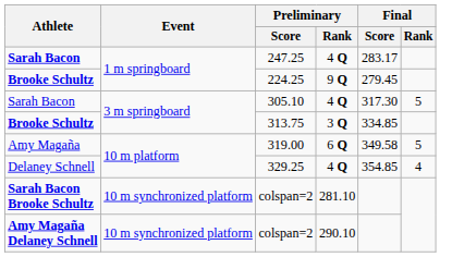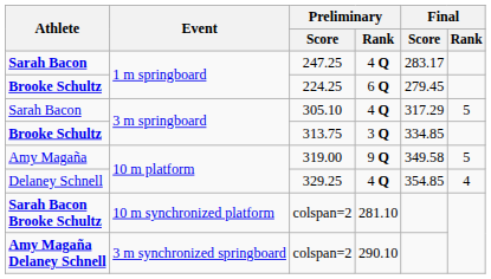 <table class=wikitable style=font-size:90%;text-align:center>
 <tr>
 <th rowspan=2>Athlete</th>
 <th rowspan=2>Event</th>
 <th colspan=2>Preliminary</th>
 <th colspan=2>Final</th>
 </tr>
 <tr style=font-size:95%>
 <th>Score</th>
 <th>Rank</th>
 <th>Score</th>
 <th>Rank</th>
 </tr>
 <tr>
 <td align=left><strong><a href='#'>Sarah Bacon</a></strong></td>
 <td align=left rowspan=2><a href='#'>1 m springboard</a></td>
 <td>247.25</td>
 <td>4 <strong>Q</strong></td>
 <td>283.17</td>
 <td></td>
 </tr>
 <tr>
 <td align=left><strong><a href='#'>Brooke Schultz</a></strong></td>
 <td>224.25</td>
-<td>9 <strong>Q</strong></td>
+<td>6 <strong>Q</strong></td>
 <td>279.45</td>
 <td></td>
 </tr>
 <tr>
 <td align=left><a href='#'>Sarah Bacon</a></td>
 <td align=left rowspan=2><a href='#'>3 m springboard</a></td>
 <td>305.10</td>
 <td>4 <strong>Q</strong></td>
-<td>317.30</td>
+<td>317.29</td>
 <td>5</td>
 </tr>
 <tr>
 <td align=left><strong><a href='#'>Brooke Schultz</a></strong></td>
 <td>313.75</td>
 <td>3 <strong>Q</strong></td>
 <td>334.85</td>
 <td></td>
 </tr>
 <tr>
 <td align=left><a href='#'>Amy Magaña</a></td>
 <td align=left rowspan=2><a href='#'>10 m platform</a></td>
 <td>319.00</td>
-<td>6 <strong>Q</strong></td>
+<td>9 <strong>Q</strong></td>
 <td>349.58</td>
 <td>5</td>
 </tr>
 <tr>
 <td align=left><a href='#'>Delaney Schnell</a></td>
 <td>329.25</td>
 <td>4 <strong>Q</strong></td>
 <td>354.85</td>
 <td>4</td>
 </tr>
 <tr>
 <td align=left><strong><a href='#'>Sarah Bacon</a><br><a href='#'>Brooke Schultz</a></strong></td>
 <td align=left><a href='#'>10 m synchronized platform</a></td>
 <td>colspan=2 </td>
 <td>281.10</td>
 <td></td>
 </tr>
 <tr>
 <td align=left><strong><a href='#'>Amy Magaña</a><br><a href='#'>Delaney Schnell</a></strong></td>
-<td align=left><a href='#'>10 m synchronized platform</a></td>
+<td align=left><a href='#'>3 m synchronized springboard</a></td>
 <td>colspan=2 </td>
 <td>290.10</td>
 <td></td>
 </tr>
 </table>
